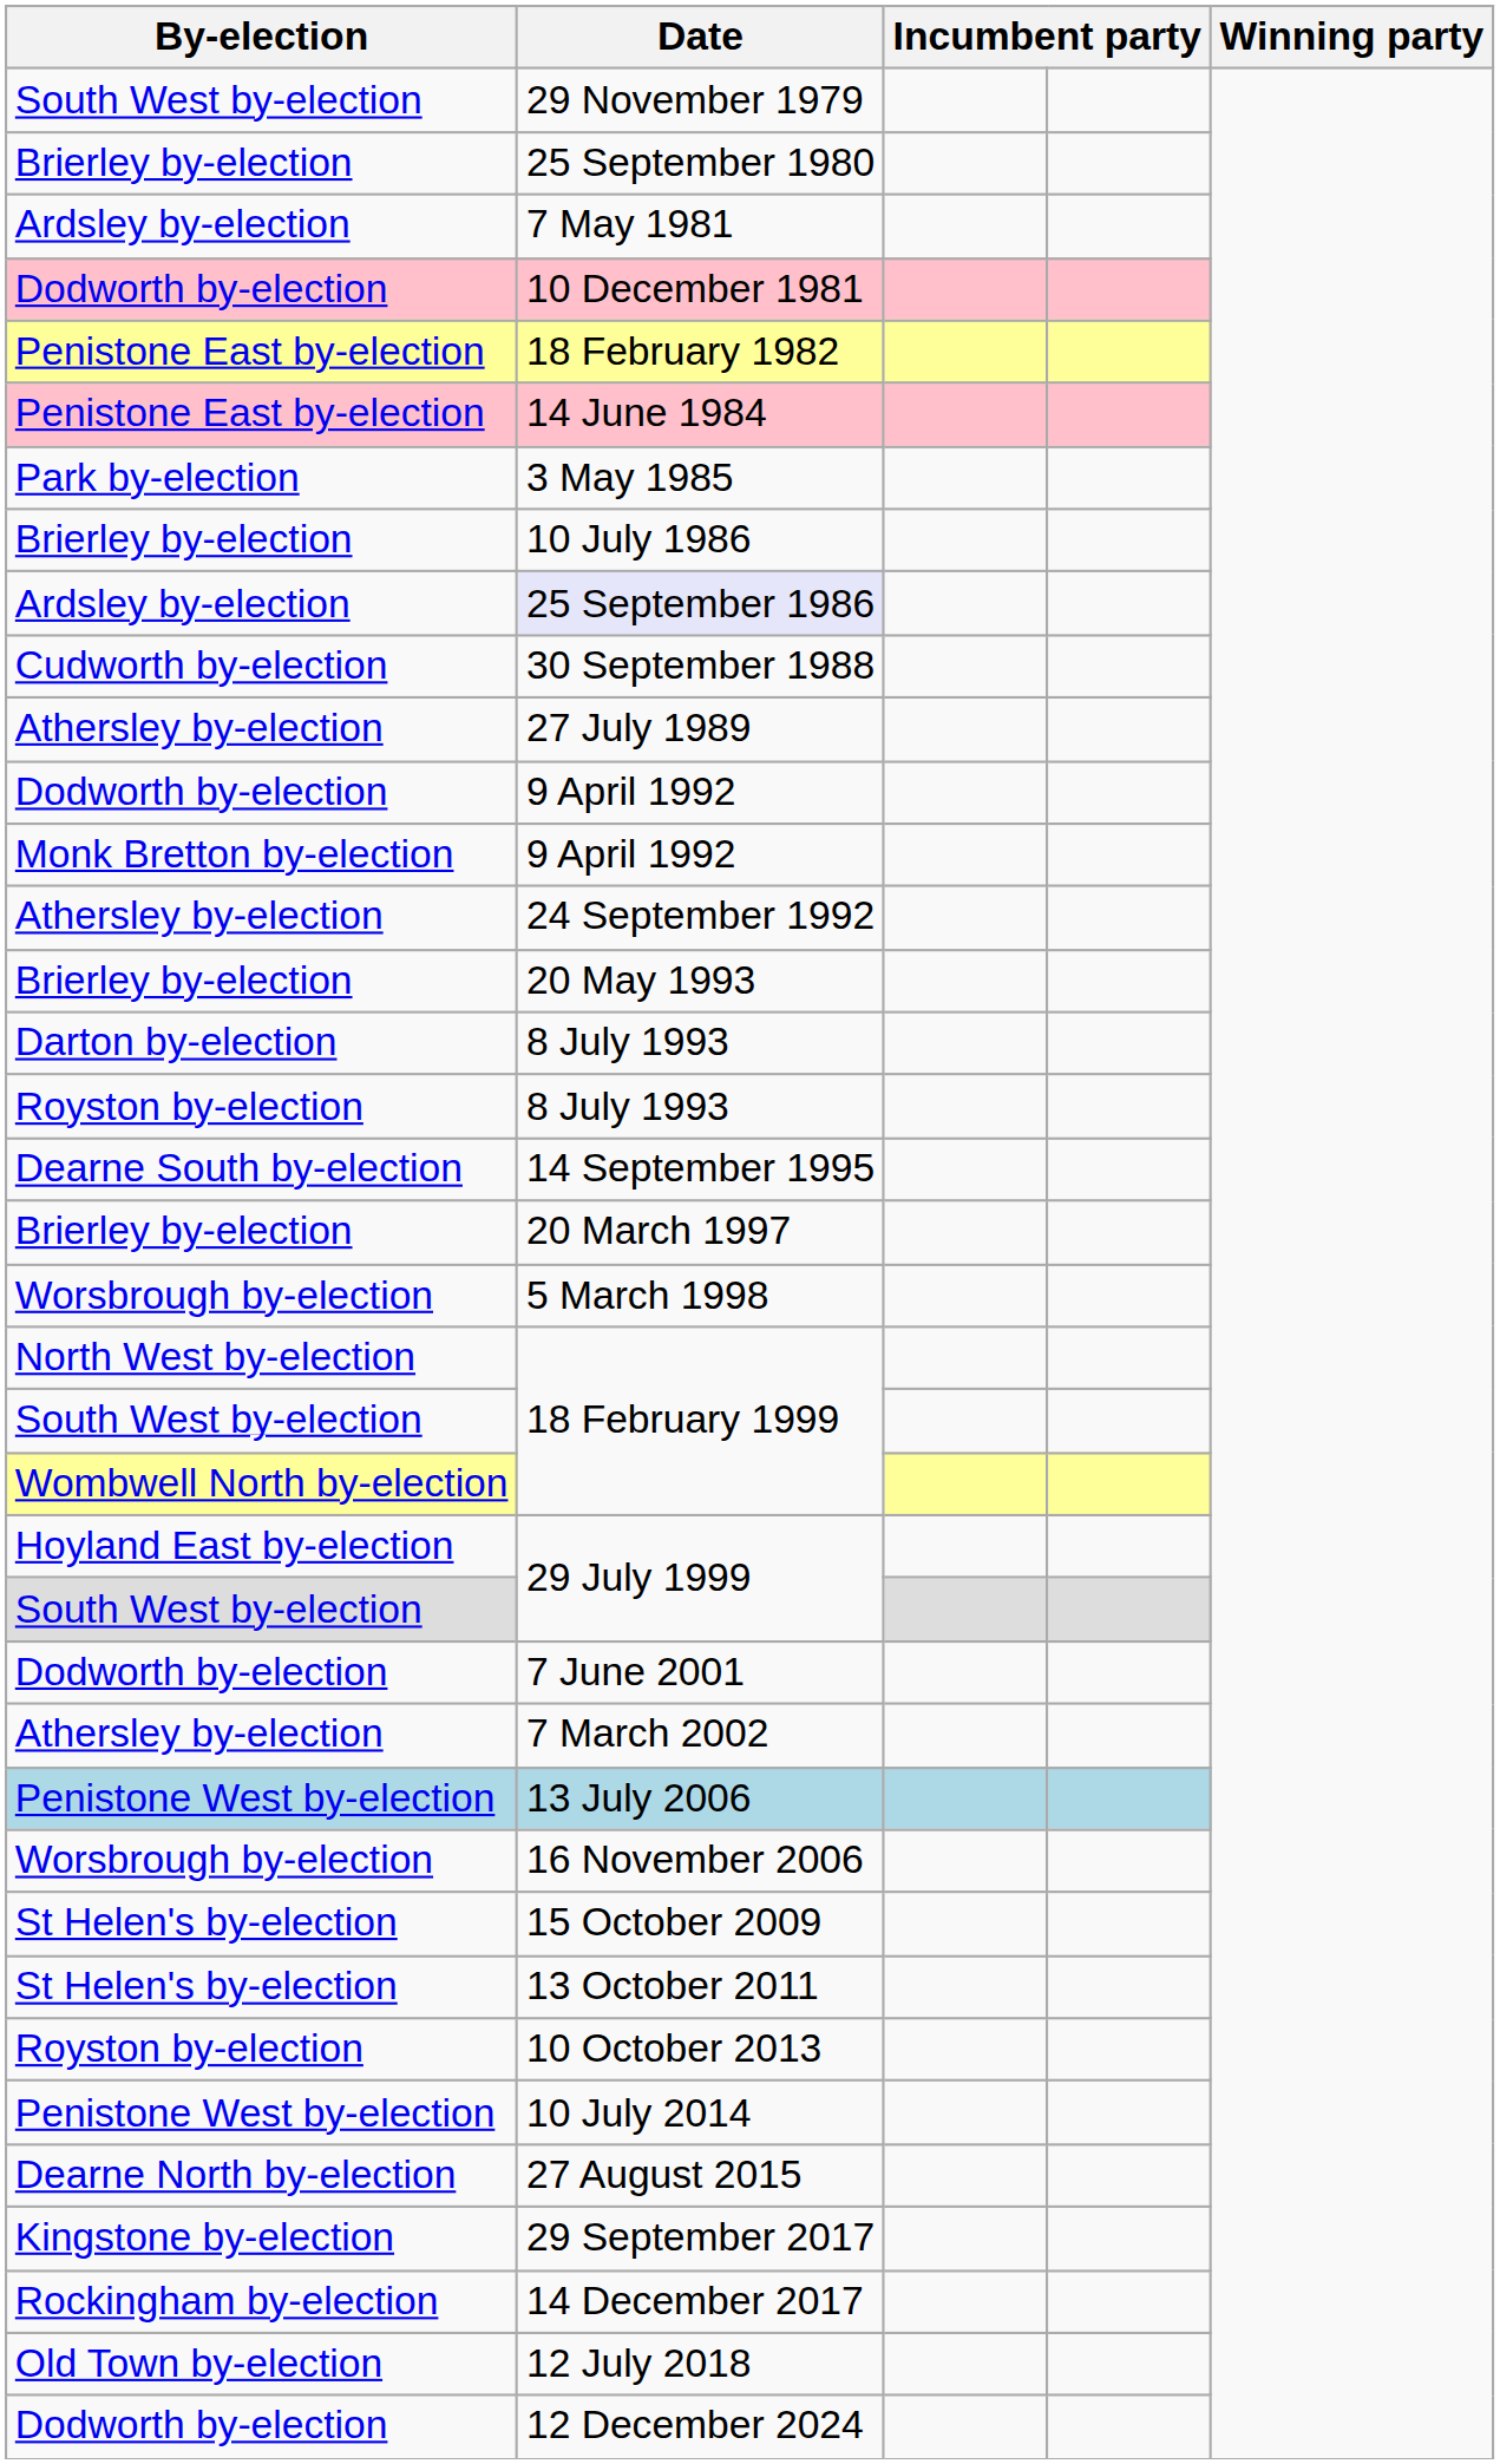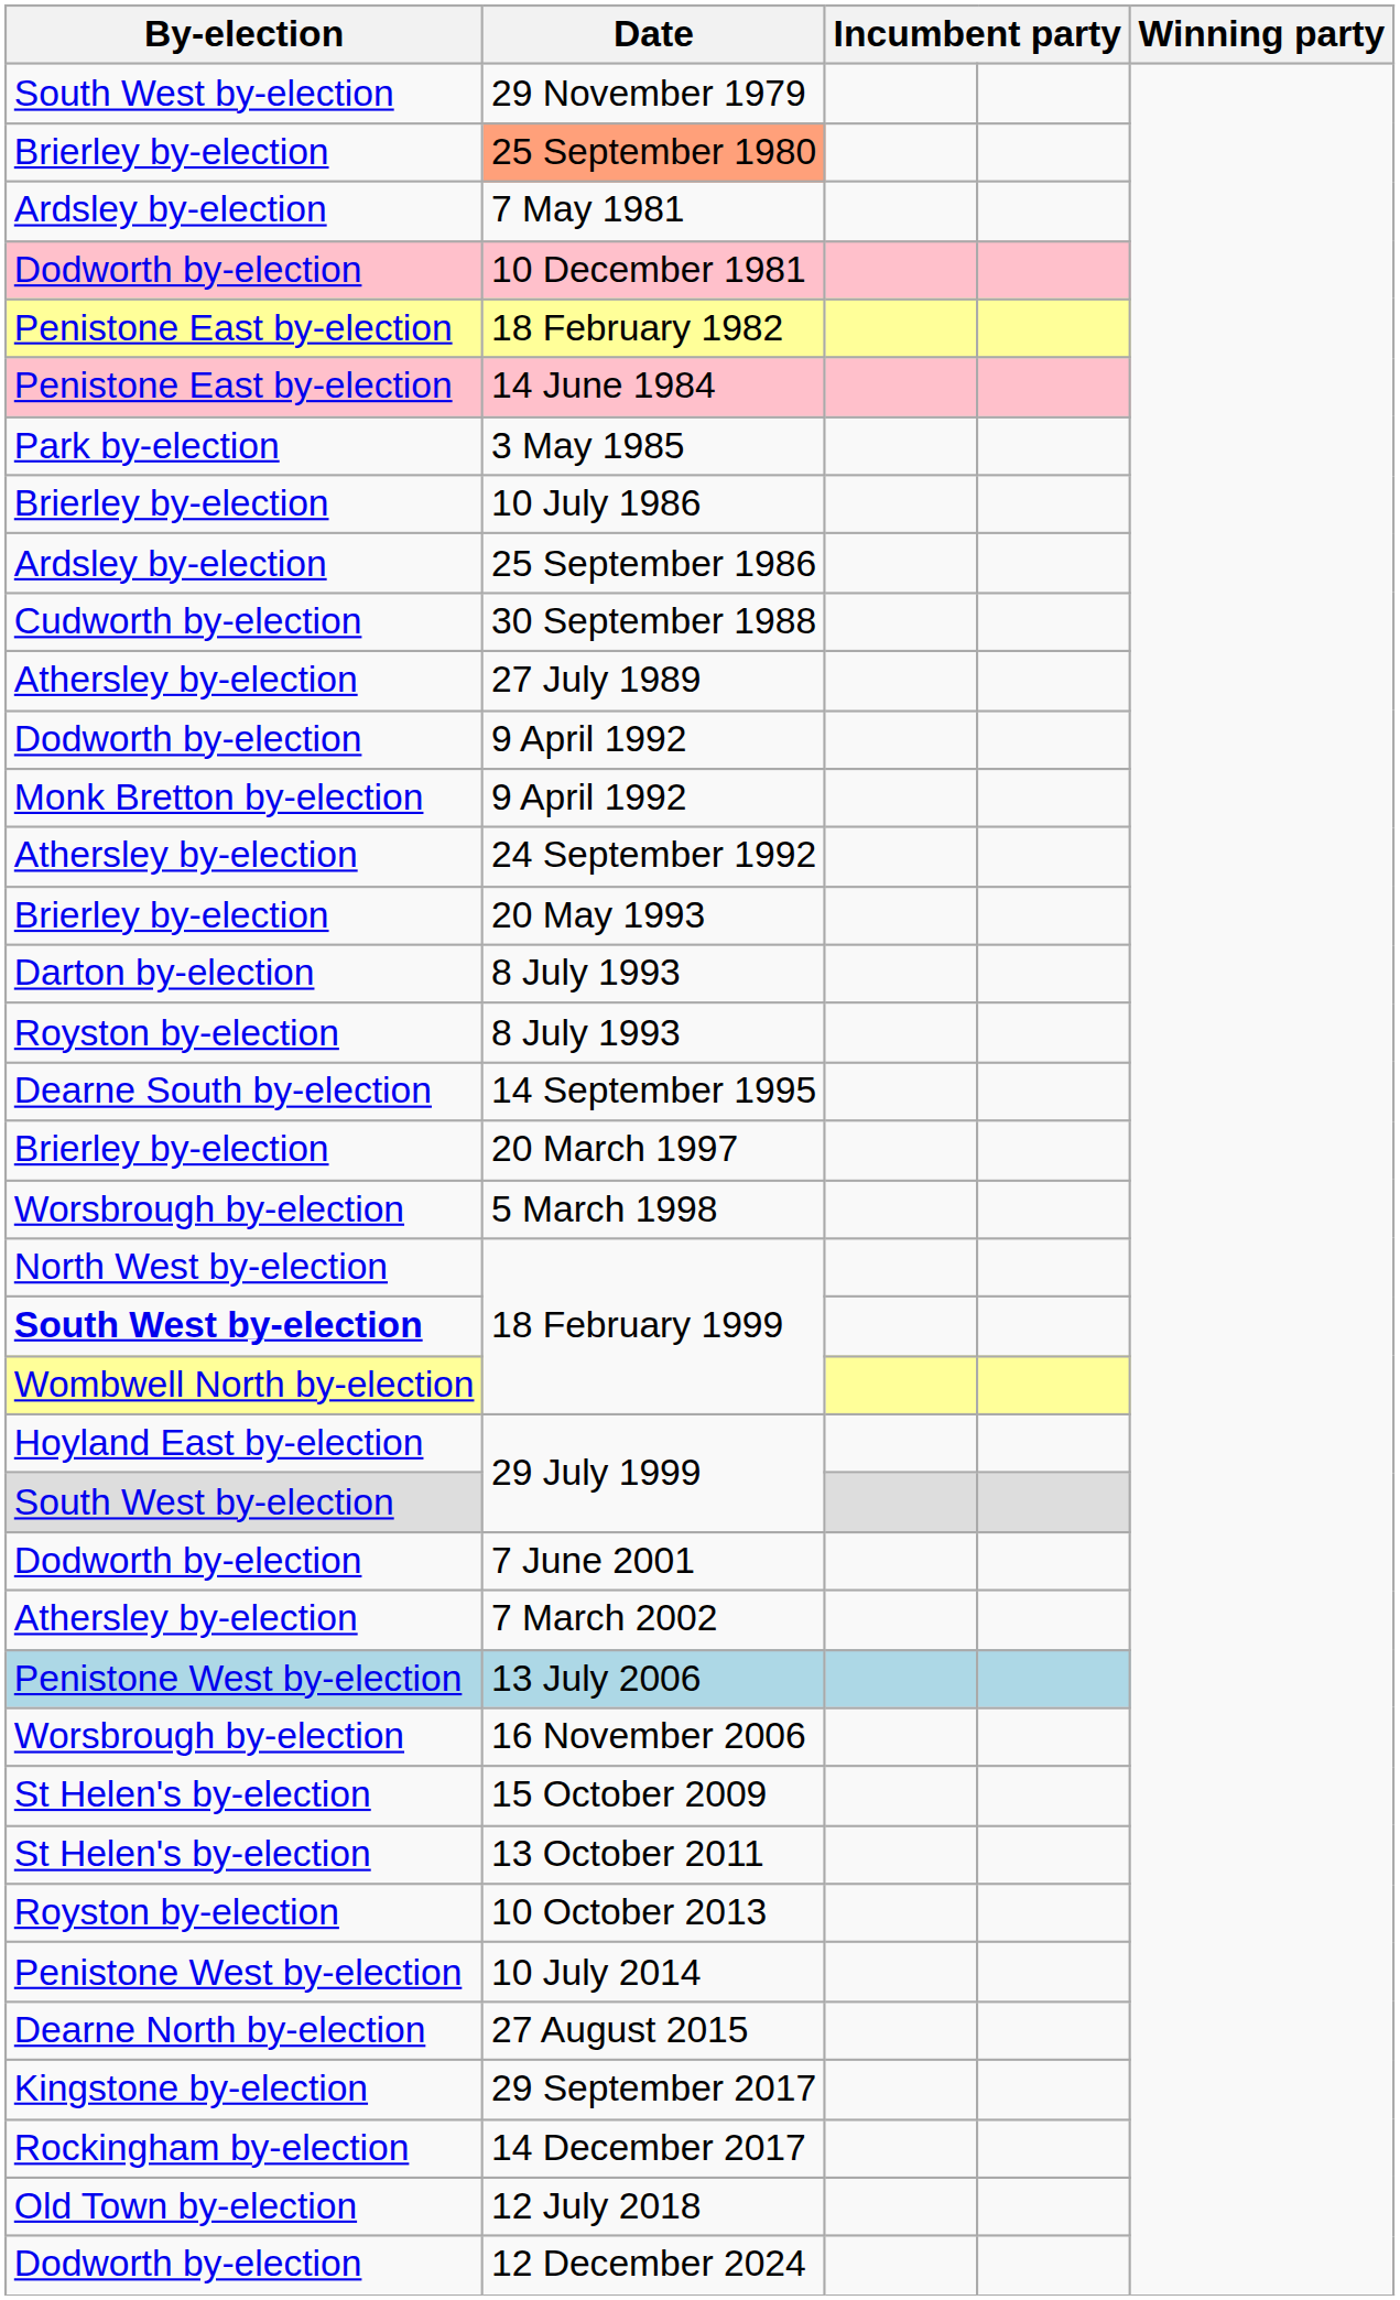 <table class="wikitable">
 <tr>
 <th>By-election</th>
 <th>Date</th>
 <th colspan=2>Incumbent party</th>
 <th colspan=2>Winning party</th>
 </tr>
 <tr>
 <td><a href='#'>South West by-election</a></td>
 <td>29 November 1979</td>
 <td></td>
 <td></td>
 </tr>
 <tr>
 <td><a href='#'>Brierley by-election</a></td>
-<td>25 September 1980</td>
+<td style="background: lightsalmon;">25 September 1980</td>
 <td></td>
 <td></td>
 </tr>
 <tr>
 <td><a href='#'>Ardsley by-election</a></td>
 <td>7 May 1981</td>
 <td></td>
 <td></td>
 </tr>
 <tr bgcolor=pink>
 <td><a href='#'>Dodworth by-election</a></td>
 <td>10 December 1981</td>
 <td></td>
 <td></td>
 </tr>
 <tr bgcolor=#FFFF99>
 <td><a href='#'>Penistone East by-election</a></td>
 <td>18 February 1982</td>
 <td></td>
 <td></td>
 </tr>
 <tr bgcolor=pink>
 <td><a href='#'>Penistone East by-election</a></td>
 <td>14 June 1984</td>
 <td></td>
 <td></td>
 </tr>
 <tr>
 <td><a href='#'>Park by-election</a></td>
 <td>3 May 1985</td>
 <td></td>
 <td></td>
 </tr>
 <tr>
 <td><a href='#'>Brierley by-election</a></td>
 <td>10 July 1986</td>
 <td></td>
 <td></td>
 </tr>
 <tr>
 <td><a href='#'>Ardsley by-election</a></td>
-<td style="background: lavender;">25 September 1986</td>
+<td>25 September 1986</td>
 <td></td>
 <td></td>
 </tr>
 <tr>
 <td><a href='#'>Cudworth by-election</a></td>
 <td>30 September 1988</td>
 <td></td>
 <td></td>
 </tr>
 <tr>
 <td><a href='#'>Athersley by-election</a></td>
 <td>27 July 1989</td>
 <td></td>
 <td></td>
 </tr>
 <tr>
 <td><a href='#'>Dodworth by-election</a></td>
 <td>9 April 1992</td>
 <td></td>
 <td></td>
 </tr>
 <tr>
 <td><a href='#'>Monk Bretton by-election</a></td>
 <td>9 April 1992</td>
 <td></td>
 <td></td>
 </tr>
 <tr>
 <td><a href='#'>Athersley by-election</a></td>
 <td>24 September 1992</td>
 <td></td>
 <td></td>
 </tr>
 <tr>
 <td><a href='#'>Brierley by-election</a></td>
 <td>20 May 1993</td>
 <td></td>
 <td></td>
 </tr>
 <tr>
 <td><a href='#'>Darton by-election</a></td>
 <td>8 July 1993</td>
 <td></td>
 <td></td>
 </tr>
 <tr>
 <td><a href='#'>Royston by-election</a></td>
 <td>8 July 1993</td>
 <td></td>
 <td></td>
 </tr>
 <tr>
 <td><a href='#'>Dearne South by-election</a></td>
 <td>14 September 1995</td>
 <td></td>
 <td></td>
 </tr>
 <tr>
 <td><a href='#'>Brierley by-election</a></td>
 <td>20 March 1997</td>
 <td></td>
 <td></td>
 </tr>
 <tr>
 <td><a href='#'>Worsbrough by-election</a></td>
 <td>5 March 1998</td>
 <td></td>
 <td></td>
 </tr>
 <tr>
 <td><a href='#'>North West by-election</a></td>
 <td rowspan="3">18 February 1999</td>
 <td></td>
 <td></td>
 </tr>
 <tr>
-<td><a href='#'>South West by-election</a></td>
+<td><strong><a href='#'>South West by-election</a></strong></td>
 <td></td>
 <td></td>
 </tr>
 <tr bgcolor=#FFFF99>
 <td><a href='#'>Wombwell North by-election</a></td>
 <td></td>
 <td></td>
 </tr>
 <tr>
 <td><a href='#'>Hoyland East by-election</a></td>
 <td rowspan="2">29 July 1999</td>
 <td></td>
 <td></td>
 </tr>
 <tr bgcolor=#dddddd>
 <td><a href='#'>South West by-election</a></td>
 <td></td>
 <td></td>
 </tr>
 <tr>
 <td><a href='#'>Dodworth by-election</a></td>
 <td>7 June 2001</td>
 <td></td>
 <td></td>
 </tr>
 <tr>
 <td><a href='#'>Athersley by-election</a></td>
 <td>7 March 2002</td>
 <td></td>
 <td></td>
 </tr>
 <tr bgcolor=lightblue>
 <td><a href='#'>Penistone West by-election</a></td>
 <td>13 July 2006</td>
 <td></td>
 <td></td>
 </tr>
 <tr>
 <td><a href='#'>Worsbrough by-election</a></td>
 <td>16 November 2006</td>
 <td></td>
 <td></td>
 </tr>
 <tr>
 <td><a href='#'>St Helen's by-election</a></td>
 <td>15 October 2009</td>
 <td></td>
 <td></td>
 </tr>
 <tr>
 <td><a href='#'>St Helen's by-election</a></td>
 <td>13 October 2011</td>
 <td></td>
 <td></td>
 </tr>
 <tr>
 <td><a href='#'>Royston by-election</a></td>
 <td>10 October 2013</td>
 <td></td>
 <td></td>
 </tr>
 <tr>
 <td><a href='#'>Penistone West by-election</a></td>
 <td>10 July 2014</td>
 <td></td>
 <td></td>
 </tr>
 <tr>
 <td><a href='#'>Dearne North by-election</a></td>
 <td>27 August 2015</td>
 <td></td>
 <td></td>
 </tr>
 <tr>
 <td><a href='#'>Kingstone by-election</a></td>
 <td>29 September 2017</td>
 <td></td>
 <td></td>
 </tr>
 <tr>
 <td><a href='#'>Rockingham by-election</a></td>
 <td>14 December 2017</td>
 <td></td>
 <td></td>
 </tr>
 <tr>
 <td><a href='#'>Old Town by-election</a></td>
 <td>12 July 2018</td>
 <td></td>
 <td></td>
 </tr>
 <tr>
 <td><a href='#'>Dodworth by-election</a></td>
 <td>12 December 2024</td>
 <td></td>
 <td></td>
 </tr>
 </table>
